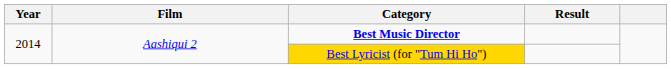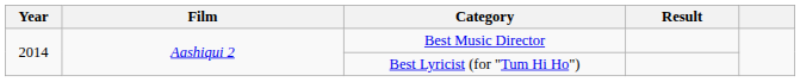 <table class="wikitable sortable">
 <tr>
 <th style="width:5%;">Year</th>
 <th style="width:25%;">Film</th>
 <th style="width:25%;">Category</th>
 <th style="width:10%;">Result</th>
 <th style="width:5%;"></th>
 </tr>
 <tr>
 <td style="text-align:center;" rowspan="2">2014</td>
 <td style="text-align:center;" rowspan="2"><em><a href='#'>Aashiqui 2</a></em></td>
-<td style="text-align:center;"><strong><a href='#'>Best Music Director</a></strong></td>
+<td style="text-align:center;"><a href='#'>Best Music Director</a></td>
 <td></td>
 <td rowspan="2"></td>
 </tr>
 <tr>
-<td style="background: gold; text-align:center;"><a href='#'>Best Lyricist</a> (for "<a href='#'>Tum Hi Ho</a>")</td>
+<td style="text-align:center;"><a href='#'>Best Lyricist</a> (for "<a href='#'>Tum Hi Ho</a>")</td>
 <td></td>
 </tr>
 </table>
